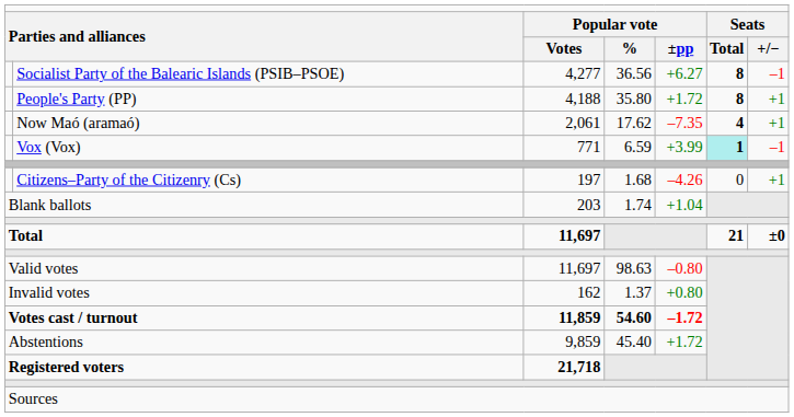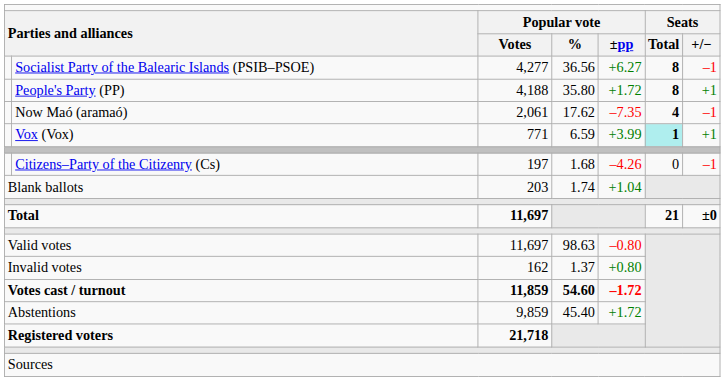 <table class="wikitable" style="text-align:right;">
 <tr>
 <td colspan="7"></td>
 </tr>
 <tr>
 <th style="text-align:left;" rowspan="2" colspan="2" width="525">Parties and alliances</th>
 <th colspan="3">Popular vote</th>
 <th colspan="2">Seats</th>
 </tr>
 <tr>
 <th width="75">Votes</th>
 <th width="45">%</th>
 <th width="45">±<a href='#'>pp</a></th>
 <th width="35">Total</th>
 <th width="35">+/−</th>
 </tr>
 <tr>
 <td width="1" style="color:inherit;background:"></td>
 <td align="left"><a href='#'>Socialist Party of the Balearic Islands</a> (PSIB–PSOE)</td>
 <td>4,277</td>
 <td>36.56</td>
 <td style="color:green;">+6.27</td>
 <td><strong>8</strong></td>
 <td style="color:red;">–1</td>
 </tr>
 <tr>
 <td style="color:inherit;background:"></td>
 <td align="left"><a href='#'>People's Party</a> (PP)</td>
 <td>4,188</td>
 <td>35.80</td>
 <td style="color:green;">+1.72</td>
 <td><strong>8</strong></td>
 <td style="color:green;">+1</td>
 </tr>
 <tr>
 <td style="color:inherit;background:"></td>
 <td align="left">Now Maó (aramaó)</td>
 <td>2,061</td>
 <td>17.62</td>
 <td style="color:red;">–7.35</td>
 <td><strong>4</strong></td>
-<td style="color:green;">+1</td>
+<td style="color:red;">–1</td>
 </tr>
 <tr>
 <td style="color:inherit;background:"></td>
 <td align="left"><a href='#'>Vox</a> (Vox)</td>
 <td>771</td>
 <td>6.59</td>
 <td style="color:green;">+3.99</td>
 <td style="background: paleturquoise;"><strong>1</strong></td>
-<td style="color:red;">–1</td>
+<td style="color:green;">+1</td>
 </tr>
 <tr>
 <td colspan="7" bgcolor="#C0C0C0"></td>
 </tr>
 <tr>
 <td style="color:inherit;background:"></td>
 <td align="left"><a href='#'>Citizens–Party of the Citizenry</a> (Cs)</td>
 <td>197</td>
 <td>1.68</td>
 <td style="color:red;">–4.26</td>
 <td>0</td>
-<td style="color:green;">+1</td>
+<td style="color:red;">–1</td>
 </tr>
 <tr>
 <td align="left" colspan="2">Blank ballots</td>
 <td>203</td>
 <td>1.74</td>
 <td style="color:green;">+1.04</td>
 <td bgcolor="#E9E9E9" colspan="2"></td>
 </tr>
 <tr>
 <td colspan="7" bgcolor="#E9E9E9"></td>
 </tr>
 <tr style="font-weight:bold;">
 <td align="left" colspan="2">Total</td>
 <td>11,697</td>
 <td bgcolor="#E9E9E9" colspan="2"></td>
 <td>21</td>
 <td>±0</td>
 </tr>
 <tr>
 <td colspan="7" bgcolor="#E9E9E9"></td>
 </tr>
 <tr>
 <td align="left" colspan="2">Valid votes</td>
 <td>11,697</td>
 <td>98.63</td>
 <td style="color:red;">–0.80</td>
 <td bgcolor="#E9E9E9" colspan="2" rowspan="5"></td>
 </tr>
 <tr>
 <td align="left" colspan="2">Invalid votes</td>
 <td>162</td>
 <td>1.37</td>
 <td style="color:green;">+0.80</td>
 </tr>
 <tr style="font-weight:bold;">
 <td align="left" colspan="2">Votes cast / turnout</td>
 <td>11,859</td>
 <td>54.60</td>
 <td style="color:red;">–1.72</td>
 </tr>
 <tr>
 <td align="left" colspan="2">Abstentions</td>
 <td>9,859</td>
 <td>45.40</td>
 <td style="color:green;">+1.72</td>
 </tr>
 <tr style="font-weight:bold;">
 <td align="left" colspan="2">Registered voters</td>
 <td>21,718</td>
 <td bgcolor="#E9E9E9" colspan="2"></td>
 </tr>
 <tr>
 <td colspan="7" bgcolor="#E9E9E9"></td>
 </tr>
 <tr>
 <td align="left" colspan="7">Sources</td>
 </tr>
 </table>
